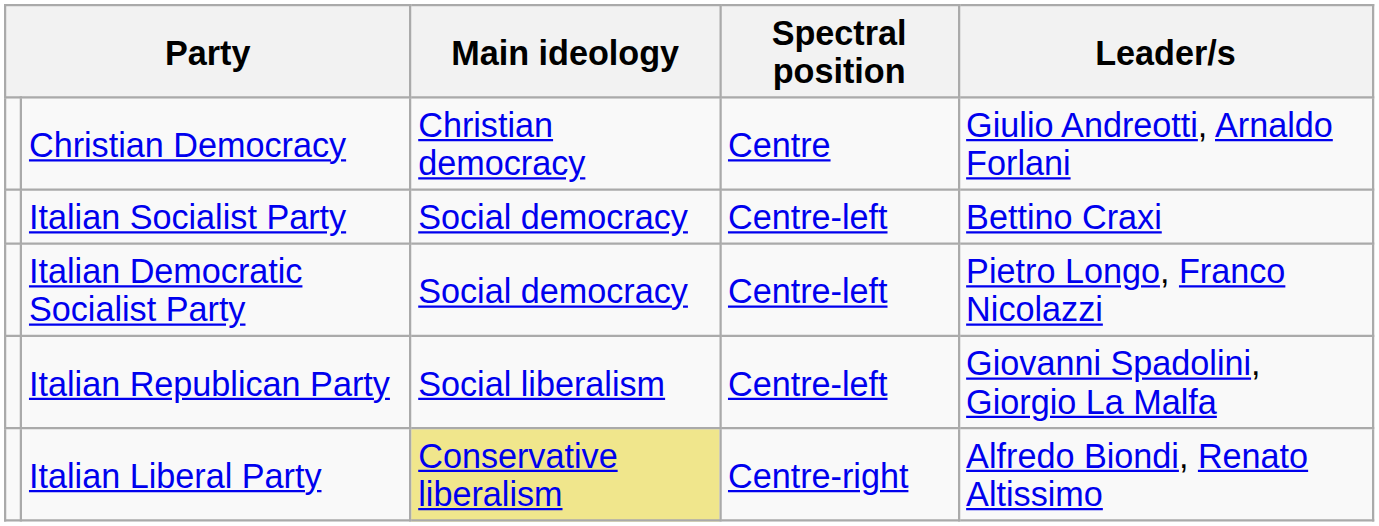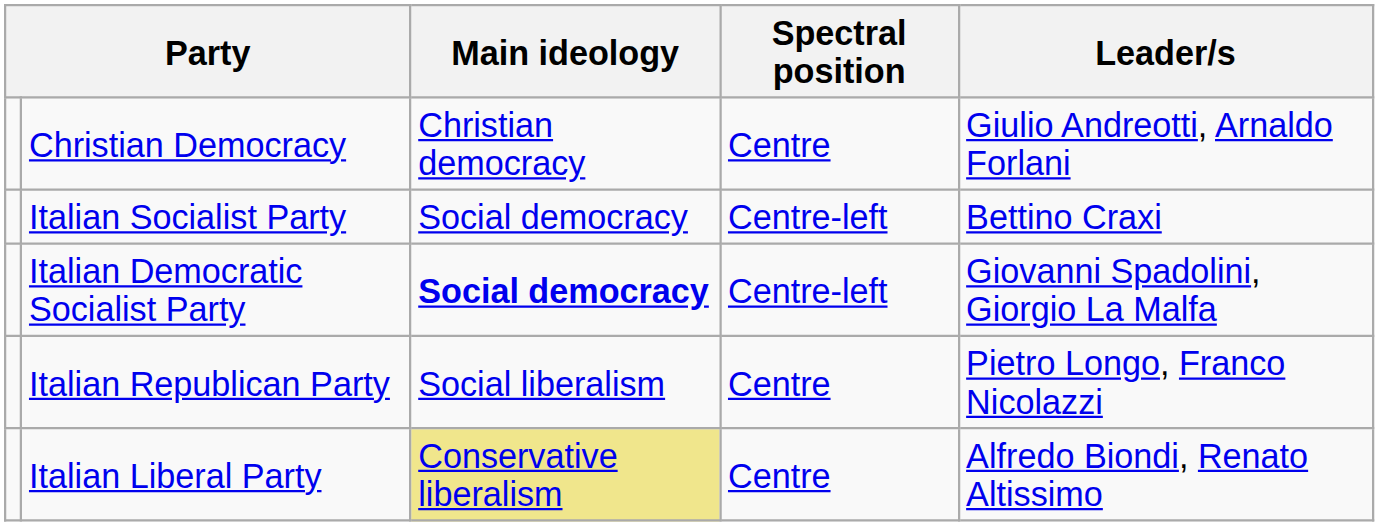 <table class="wikitable" style="font-size:95%">
 <tr>
 <th colspan=2>Party</th>
 <th>Main ideology</th>
 <th>Spectral position</th>
 <th>Leader/s</th>
 </tr>
 <tr>
 <td></td>
 <td><a href='#'>Christian Democracy</a></td>
 <td><a href='#'>Christian democracy</a></td>
 <td><a href='#'>Centre</a></td>
 <td><a href='#'>Giulio Andreotti</a>, <a href='#'>Arnaldo Forlani</a></td>
 </tr>
 <tr>
 <td></td>
 <td><a href='#'>Italian Socialist Party</a></td>
 <td><a href='#'>Social democracy</a></td>
 <td><a href='#'>Centre-left</a></td>
 <td><a href='#'>Bettino Craxi</a></td>
 </tr>
 <tr>
 <td></td>
 <td><a href='#'>Italian Democratic Socialist Party</a></td>
-<td><a href='#'>Social democracy</a></td>
+<td><strong><a href='#'>Social democracy</a></strong></td>
 <td><a href='#'>Centre-left</a></td>
-<td><a href='#'>Pietro Longo</a>, <a href='#'>Franco Nicolazzi</a></td>
+<td><a href='#'>Giovanni Spadolini</a>, <a href='#'>Giorgio La Malfa</a></td>
 </tr>
 <tr>
 <td></td>
 <td><a href='#'>Italian Republican Party</a></td>
 <td><a href='#'>Social liberalism</a></td>
-<td><a href='#'>Centre-left</a></td>
-<td><a href='#'>Giovanni Spadolini</a>, <a href='#'>Giorgio La Malfa</a></td>
+<td><a href='#'>Centre</a></td>
+<td><a href='#'>Pietro Longo</a>, <a href='#'>Franco Nicolazzi</a></td>
 </tr>
 <tr>
 <td></td>
 <td><a href='#'>Italian Liberal Party</a></td>
 <td style="background: khaki;"><a href='#'>Conservative liberalism</a></td>
-<td><a href='#'>Centre-right</a></td>
+<td><a href='#'>Centre</a></td>
 <td><a href='#'>Alfredo Biondi</a>, <a href='#'>Renato Altissimo</a></td>
 </tr>
 </table>
